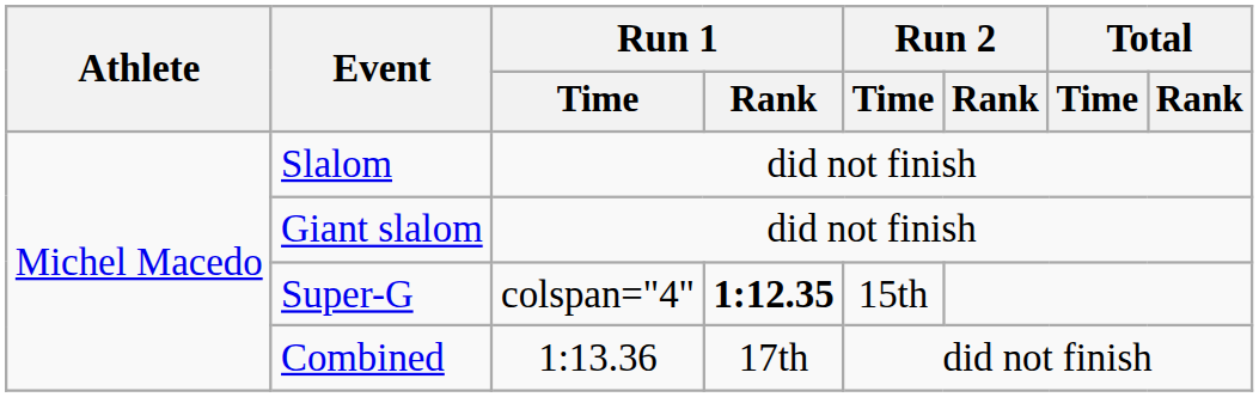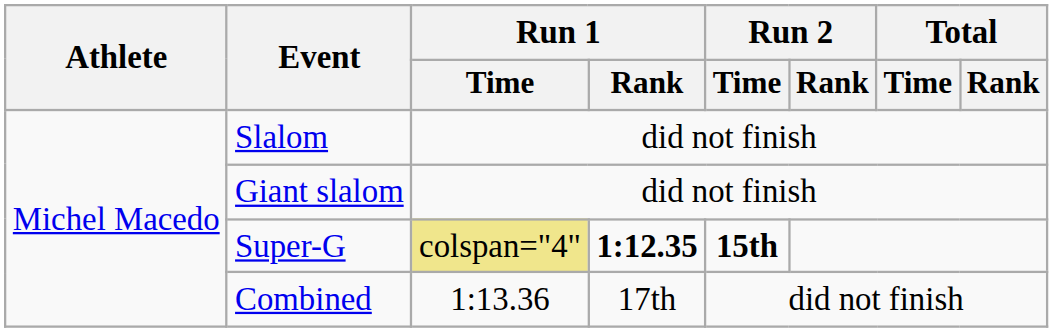 <table class="wikitable" style="font-size:90%">
 <tr>
 <th rowspan=2>Athlete</th>
 <th rowspan=2>Event</th>
 <th colspan=2>Run 1</th>
 <th colspan=2>Run 2</th>
 <th colspan=2>Total</th>
 </tr>
 <tr style="font-size:95%">
 <th>Time</th>
 <th>Rank</th>
 <th>Time</th>
 <th>Rank</th>
 <th>Time</th>
 <th>Rank</th>
 </tr>
 <tr align=center>
 <td align="left" rowspan="4"><a href='#'>Michel Macedo</a></td>
 <td align="left"><a href='#'>Slalom</a></td>
 <td colspan=6>did not finish</td>
 </tr>
 <tr align=center>
 <td align="left"><a href='#'>Giant slalom</a></td>
 <td colspan=6>did not finish</td>
 </tr>
 <tr align=center>
 <td align="left"><a href='#'>Super-G</a></td>
-<td>colspan="4" </td>
+<td style="background: khaki;">colspan="4" </td>
 <td><strong>1:12.35</strong></td>
-<td>15th</td>
+<td><strong>15th</strong></td>
 </tr>
 <tr align=center>
 <td align="left"><a href='#'>Combined</a></td>
 <td>1:13.36</td>
 <td>17th</td>
 <td colspan=4>did not finish</td>
 </tr>
 </table>
